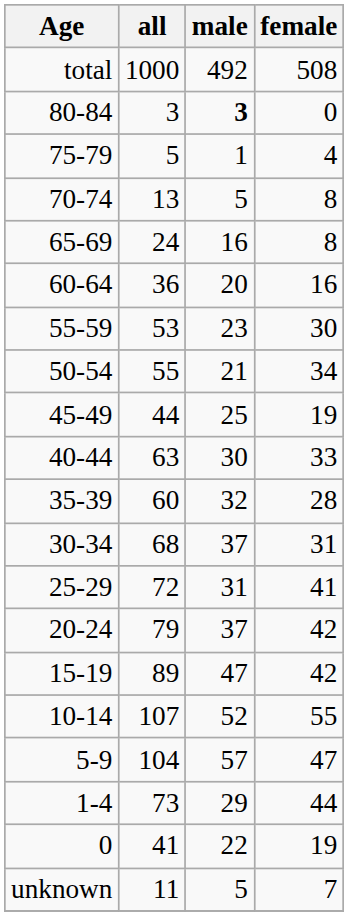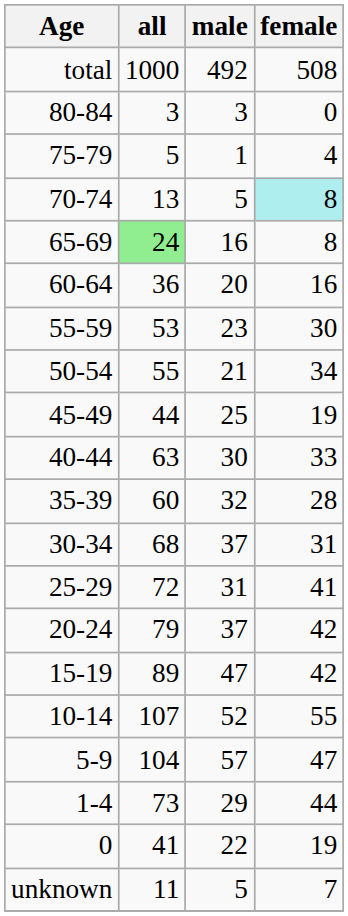 <table class="wikitable" style="text-align:right;">
 <tr style="text-align:center;">
 <th>Age</th>
 <th>all</th>
 <th>male</th>
 <th>female</th>
 </tr>
 <tr>
 <td>total</td>
 <td>1000</td>
 <td>492</td>
 <td>508</td>
 </tr>
 <tr>
 <td>80-84</td>
 <td>3</td>
-<td><strong>3</strong></td>
+<td>3</td>
 <td>0</td>
 </tr>
 <tr>
 <td>75-79</td>
 <td>5</td>
 <td>1</td>
 <td>4</td>
 </tr>
 <tr>
 <td>70-74</td>
 <td>13</td>
 <td>5</td>
-<td>8</td>
+<td style="background: paleturquoise;">8</td>
 </tr>
 <tr>
 <td>65-69</td>
-<td>24</td>
+<td style="background: lightgreen;">24</td>
 <td>16</td>
 <td>8</td>
 </tr>
 <tr>
 <td>60-64</td>
 <td>36</td>
 <td>20</td>
 <td>16</td>
 </tr>
 <tr>
 <td>55-59</td>
 <td>53</td>
 <td>23</td>
 <td>30</td>
 </tr>
 <tr>
 <td>50-54</td>
 <td>55</td>
 <td>21</td>
 <td>34</td>
 </tr>
 <tr>
 <td>45-49</td>
 <td>44</td>
 <td>25</td>
 <td>19</td>
 </tr>
 <tr>
 <td>40-44</td>
 <td>63</td>
 <td>30</td>
 <td>33</td>
 </tr>
 <tr>
 <td>35-39</td>
 <td>60</td>
 <td>32</td>
 <td>28</td>
 </tr>
 <tr>
 <td>30-34</td>
 <td>68</td>
 <td>37</td>
 <td>31</td>
 </tr>
 <tr>
 <td>25-29</td>
 <td>72</td>
 <td>31</td>
 <td>41</td>
 </tr>
 <tr>
 <td>20-24</td>
 <td>79</td>
 <td>37</td>
 <td>42</td>
 </tr>
 <tr>
 <td>15-19</td>
 <td>89</td>
 <td>47</td>
 <td>42</td>
 </tr>
 <tr>
 <td>10-14</td>
 <td>107</td>
 <td>52</td>
 <td>55</td>
 </tr>
 <tr>
 <td>5-9</td>
 <td>104</td>
 <td>57</td>
 <td>47</td>
 </tr>
 <tr>
 <td>1-4</td>
 <td>73</td>
 <td>29</td>
 <td>44</td>
 </tr>
 <tr>
 <td>0</td>
 <td>41</td>
 <td>22</td>
 <td>19</td>
 </tr>
 <tr>
 <td>unknown</td>
 <td style="text-align:right">11</td>
 <td>5</td>
 <td>7</td>
 </tr>
 <tr>
 </tr>
 </table>
